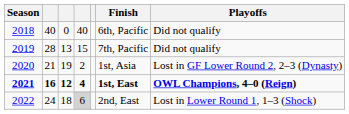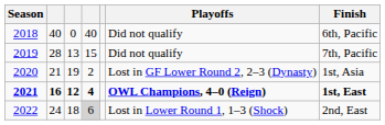 <table class="wikitable" style="text-align:center;">
 <tr>
 <th style="background:#">Season</th>
 <th style="background:#"></th>
 <th style="background:#"></th>
 <th style="background:#"></th>
 <th style="background:#"></th>
+<th style="background:#">Playoffs</th>
 <th style="background:#">Finish</th>
-<th style="background:#">Playoffs</th>
 </tr>
 <tr>
 <td><a href='#'>2018</a></td>
 <td>40</td>
 <td>0</td>
 <td>40</td>
 <td></td>
+<td style="text-align:left">Did not qualify</td>
 <td style="text-align:left">6th, Pacific</td>
-<td style="text-align:left">Did not qualify</td>
 </tr>
 <tr>
 <td><a href='#'>2019</a></td>
 <td>28</td>
 <td>13</td>
 <td>15</td>
 <td></td>
+<td style="text-align:left">Did not qualify</td>
 <td style="text-align:left">7th, Pacific</td>
-<td style="text-align:left">Did not qualify</td>
 </tr>
 <tr>
 <td><a href='#'>2020</a></td>
 <td>21</td>
 <td>19</td>
 <td>2</td>
 <td></td>
+<td style="text-align:left">Lost in <a href='#'>GF Lower Round 2</a>, 2–3 (<a href='#'>Dynasty</a>)</td>
 <td style="text-align:left">1st, Asia</td>
-<td style="text-align:left">Lost in <a href='#'>GF Lower Round 2</a>, 2–3 (<a href='#'>Dynasty</a>)</td>
 </tr>
 <tr>
 <td><strong><a href='#'>2021</a></strong></td>
 <td><strong>16</strong></td>
 <td><strong>12</strong></td>
 <td><strong>4</strong></td>
 <td><strong></strong></td>
+<td style="text-align:left"><strong><a href='#'>OWL Champions</a>, 4–0 (<a href='#'>Reign</a>)</strong></td>
 <td style="text-align:left"><strong>1st, East</strong></td>
-<td style="text-align:left"><strong><a href='#'>OWL Champions</a>, 4–0 (<a href='#'>Reign</a>)</strong></td>
 </tr>
 <tr>
 <td><a href='#'>2022</a></td>
 <td>24</td>
 <td>18</td>
 <td style="background: lightgrey;">6</td>
 <td></td>
+<td style="text-align:left">Lost in <a href='#'>Lower Round 1</a>, 1–3 (<a href='#'>Shock</a>)</td>
 <td style="text-align:left">2nd, East</td>
-<td style="text-align:left">Lost in <a href='#'>Lower Round 1</a>, 1–3 (<a href='#'>Shock</a>)</td>
 </tr>
 </table>
